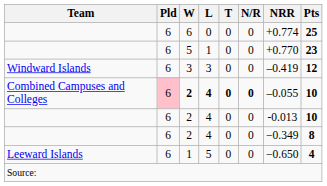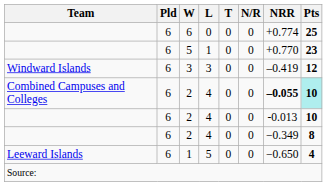 <table class="wikitable" style="text-align: center;" width="50%">
 <tr>
 <th width=205>Team</th>
 <th width=20>Pld</th>
 <th width=20>W</th>
 <th width=20>L</th>
 <th width=20>T</th>
 <th width=20>N/R</th>
 <th width=20>NRR</th>
 <th width=20>Pts</th>
 </tr>
 <tr>
 <td align=left></td>
 <td>6</td>
 <td>6</td>
 <td>0</td>
 <td>0</td>
 <td>0</td>
 <td>+0.774</td>
 <td><strong>25</strong></td>
 </tr>
 <tr>
 <td align=left></td>
 <td>6</td>
 <td>5</td>
 <td>1</td>
 <td>0</td>
 <td>0</td>
 <td>+0.770</td>
 <td><strong>23</strong></td>
 </tr>
 <tr>
 <td align=left> <a href='#'>Windward Islands</a></td>
 <td>6</td>
 <td>3</td>
 <td>3</td>
 <td>0</td>
 <td>0</td>
 <td>–0.419</td>
 <td><strong>12</strong></td>
 </tr>
 <tr>
 <td align=left> <a href='#'>Combined Campuses and Colleges</a></td>
-<td style="background: pink;">6</td>
-<td><strong>2</strong></td>
-<td><strong>4</strong></td>
-<td><strong>0</strong></td>
-<td><strong>0</strong></td>
-<td>–0.055</td>
-<td><strong>10</strong></td>
+<td>6</td>
+<td>2</td>
+<td>4</td>
+<td>0</td>
+<td>0</td>
+<td><strong>–0.055</strong></td>
+<td style="background: paleturquoise;"><strong>10</strong></td>
 </tr>
 <tr>
 <td align=left></td>
 <td>6</td>
 <td>2</td>
 <td>4</td>
 <td>0</td>
 <td>0</td>
 <td>-0.013</td>
 <td><strong>10</strong></td>
 </tr>
 <tr>
 <td align=left></td>
 <td>6</td>
 <td>2</td>
 <td>4</td>
 <td>0</td>
 <td>0</td>
 <td>−0.349</td>
 <td><strong>8</strong></td>
 </tr>
 <tr>
 <td align=left> <a href='#'>Leeward Islands</a></td>
 <td>6</td>
 <td>1</td>
 <td>5</td>
 <td>0</td>
 <td>0</td>
 <td>−0.650</td>
 <td><strong>4</strong></td>
 </tr>
 <tr>
 <td align=left colspan="11"><small>Source:</small></td>
 </tr>
 </table>
